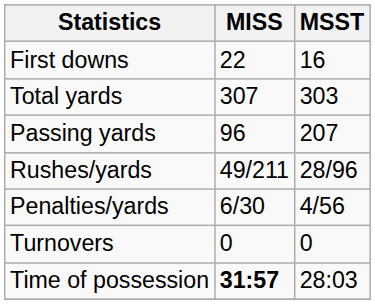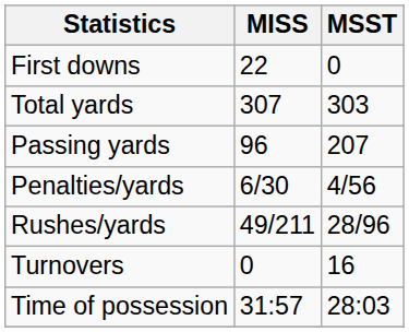 <table class="wikitable" style="float: left;">
 <tr>
 <th>Statistics</th>
 <th>MISS</th>
 <th>MSST</th>
 </tr>
 <tr>
 <td>First downs</td>
 <td>22</td>
-<td>16</td>
+<td>0</td>
 </tr>
 <tr>
 <td>Total yards</td>
 <td>307</td>
 <td>303</td>
 </tr>
 <tr>
 <td>Passing yards</td>
 <td>96</td>
 <td>207</td>
 </tr>
 <tr>
+<td>Penalties/yards</td>
+<td>6/30</td>
+<td>4/56</td>
+</tr>
+<tr>
 <td>Rushes/yards</td>
 <td>49/211</td>
 <td>28/96</td>
 </tr>
 <tr>
-<td>Penalties/yards</td>
-<td>6/30</td>
-<td>4/56</td>
-</tr>
-<tr>
 <td>Turnovers</td>
 <td>0</td>
-<td>0</td>
+<td>16</td>
 </tr>
 <tr>
 <td>Time of possession</td>
-<td><strong>31:57</strong></td>
+<td>31:57</td>
 <td>28:03</td>
 </tr>
 <tr>
 </tr>
 </table>
